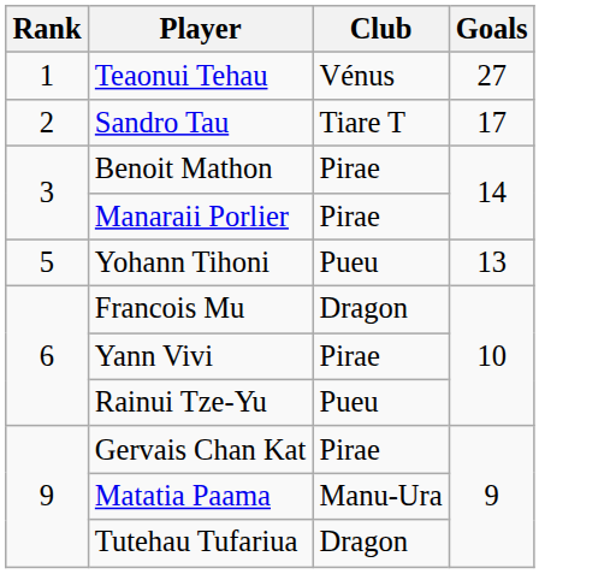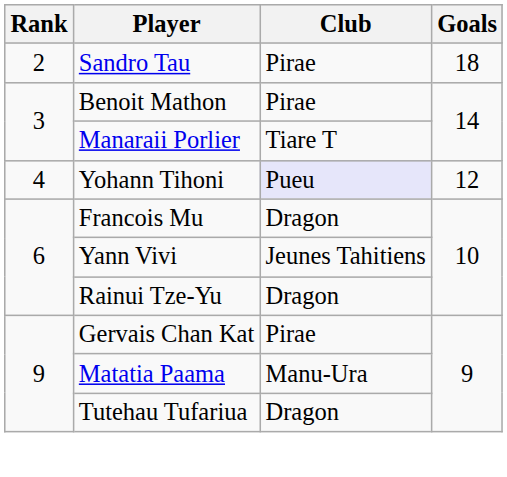 <table class="wikitable" style="text-align:center">
 <tr>
 <th>Rank</th>
 <th>Player</th>
 <th>Club</th>
 <th>Goals</th>
 </tr>
 <tr>
-<td>1</td>
-<td align="left"> <a href='#'>Teaonui Tehau</a></td>
-<td align="left">Vénus</td>
-<td>27</td>
-</tr>
-<tr>
 <td>2</td>
 <td align="left"> <a href='#'>Sandro Tau</a></td>
-<td align=left>Tiare T</td>
-<td>17</td>
+<td align="left">Pirae</td>
+<td>18</td>
 </tr>
 <tr>
 <td rowspan=2>3</td>
 <td align="left"> Benoit Mathon</td>
 <td align=left>Pirae</td>
 <td rowspan=2>14</td>
 </tr>
 <tr>
 <td align=left> <a href='#'>Manaraii Porlier</a></td>
-<td align="left">Pirae</td>
+<td align=left>Tiare T</td>
 </tr>
 <tr>
-<td>5</td>
+<td>4</td>
 <td align=left> Yohann Tihoni</td>
-<td align=left>Pueu</td>
-<td>13</td>
+<td align=left style="background: lavender;">Pueu</td>
+<td>12</td>
 </tr>
 <tr>
 <td rowspan=3>6</td>
 <td align=left> Francois Mu</td>
 <td align=left>Dragon</td>
 <td rowspan=3>10</td>
 </tr>
 <tr>
 <td align=left> Yann Vivi</td>
-<td align=left>Pirae</td>
+<td align=left>Jeunes Tahitiens</td>
 </tr>
 <tr>
 <td align=left> Rainui Tze-Yu</td>
-<td align=left>Pueu</td>
+<td align=left>Dragon</td>
 </tr>
 <tr>
 <td rowspan=3>9</td>
 <td align=left> Gervais Chan Kat</td>
 <td align=left>Pirae</td>
 <td rowspan=3>9</td>
 </tr>
 <tr>
 <td align=left> <a href='#'>Matatia Paama</a></td>
 <td align=left>Manu-Ura</td>
 </tr>
 <tr>
 <td align=left> Tutehau Tufariua</td>
 <td align=left>Dragon</td>
 </tr>
 </table>
